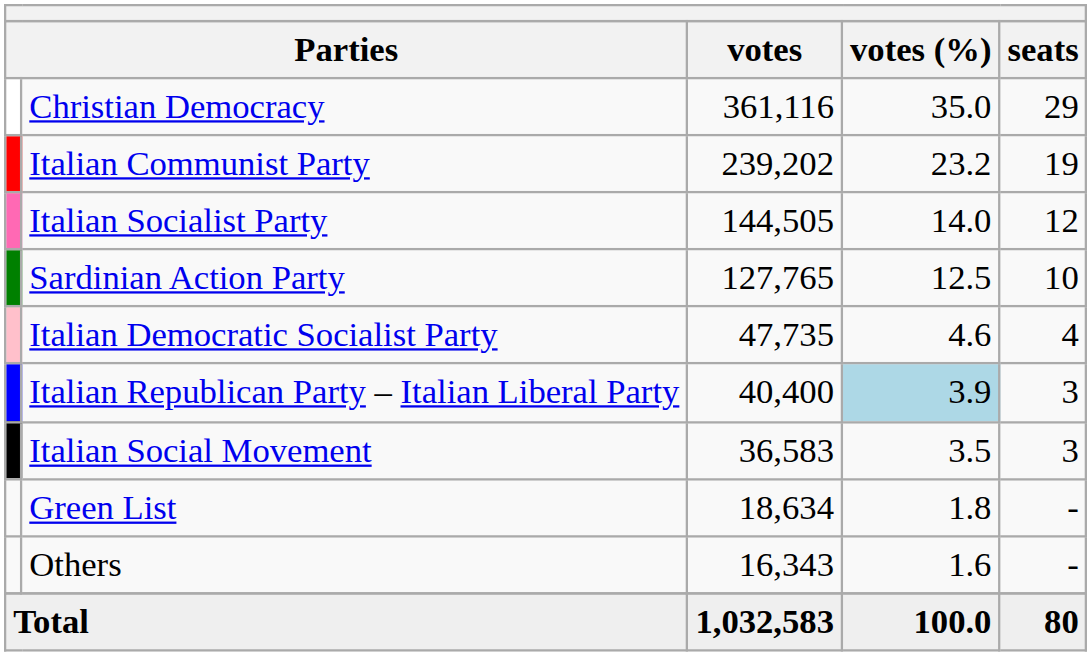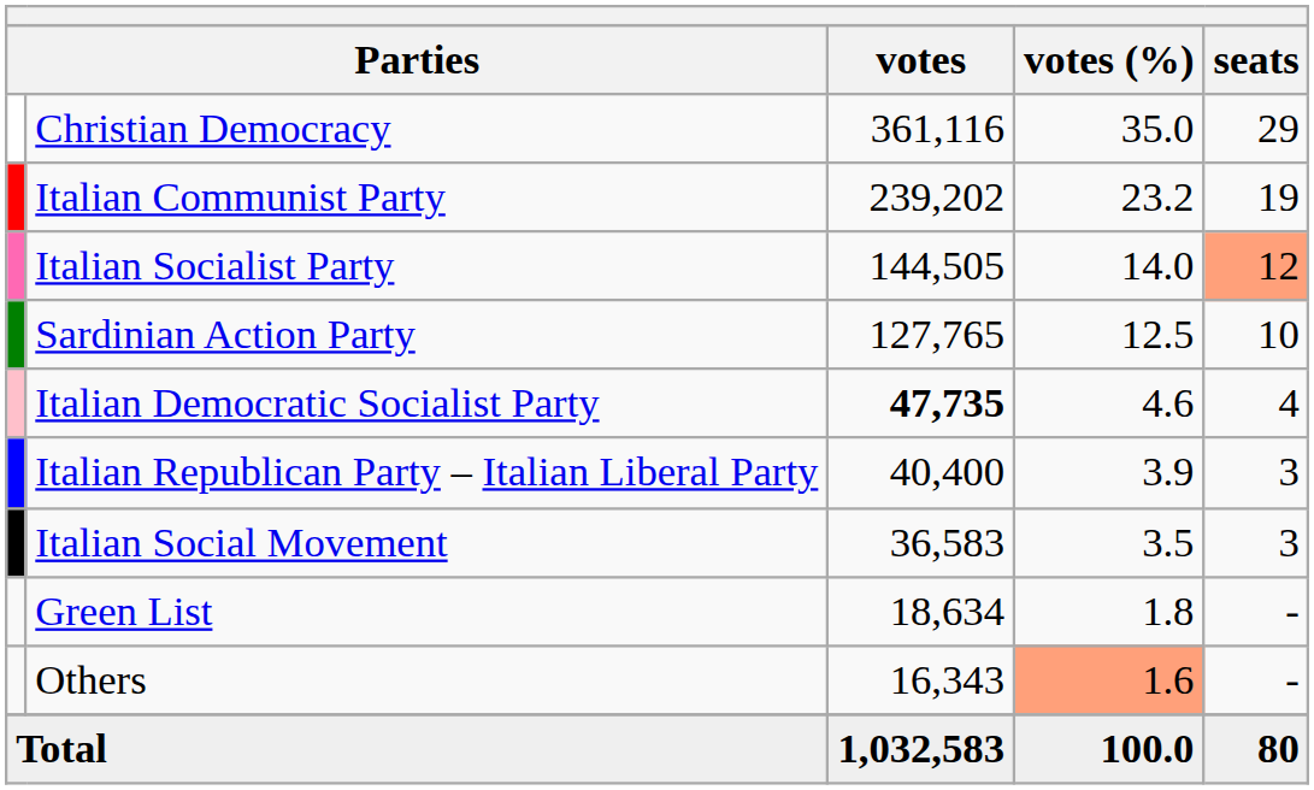 <table class="wikitable" style="font-size:95%">
 <tr>
 <th colspan=5></th>
 </tr>
 <tr>
 </tr>
 <tr bgcolor="EFEFEF">
 <th Colspan=2>Parties</th>
 <th>votes</th>
 <th>votes (%)</th>
 <th>seats</th>
 </tr>
 <tr>
 <td bgcolor=White></td>
 <td><a href='#'>Christian Democracy</a></td>
 <td align=right>361,116</td>
 <td align=right>35.0</td>
 <td align=right>29</td>
 </tr>
 <tr>
 <td bgcolor=Red></td>
 <td><a href='#'>Italian Communist Party</a></td>
 <td align=right>239,202</td>
 <td align=right>23.2</td>
 <td align=right>19</td>
 </tr>
 <tr>
 <td bgcolor=Hotpink></td>
 <td><a href='#'>Italian Socialist Party</a></td>
 <td align=right>144,505</td>
 <td align=right>14.0</td>
-<td align=right>12</td>
+<td align=right style="background: lightsalmon;">12</td>
 </tr>
 <tr>
 <td bgcolor=Green></td>
 <td><a href='#'>Sardinian Action Party</a></td>
 <td align=right>127,765</td>
 <td align=right>12.5</td>
 <td align=right>10</td>
 </tr>
 <tr>
 <td bgcolor=Pink></td>
 <td><a href='#'>Italian Democratic Socialist Party</a></td>
-<td align=right>47,735</td>
+<td align=right><strong>47,735</strong></td>
 <td align=right>4.6</td>
 <td align=right>4</td>
 </tr>
 <tr>
 <td bgcolor=Blue></td>
 <td><a href='#'>Italian Republican Party</a> – <a href='#'>Italian Liberal Party</a></td>
 <td align=right>40,400</td>
-<td align=right style="background: lightblue;">3.9</td>
+<td align=right>3.9</td>
 <td align=right>3</td>
 </tr>
 <tr>
 <td bgcolor=Black></td>
 <td><a href='#'>Italian Social Movement</a></td>
 <td align=right>36,583</td>
 <td align=right>3.5</td>
 <td align=right>3</td>
 </tr>
 <tr>
 <td bgcolor=></td>
 <td><a href='#'>Green List</a></td>
 <td align=right>18,634</td>
 <td align=right>1.8</td>
 <td align=right>-</td>
 </tr>
 <tr>
 <td bgcolor=></td>
 <td>Others</td>
 <td align=right>16,343</td>
-<td align=right>1.6</td>
+<td align=right style="background: lightsalmon;">1.6</td>
 <td align=right>-</td>
 </tr>
 <tr>
 </tr>
 <tr bgcolor="EFEFEF">
 <td colspan=2><strong>Total</strong></td>
 <td align=right><strong>1,032,583</strong></td>
 <td align=right><strong>100.0</strong></td>
 <td align=right><strong>80</strong></td>
 </tr>
 </table>
